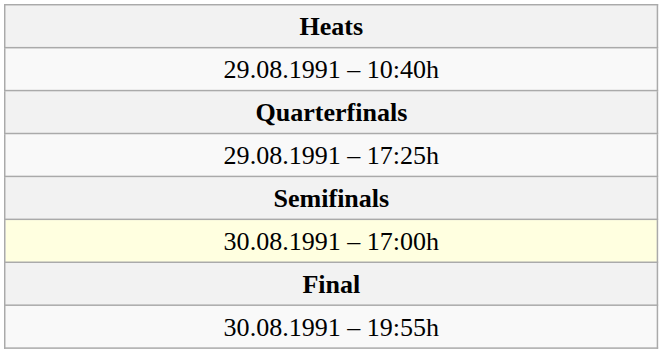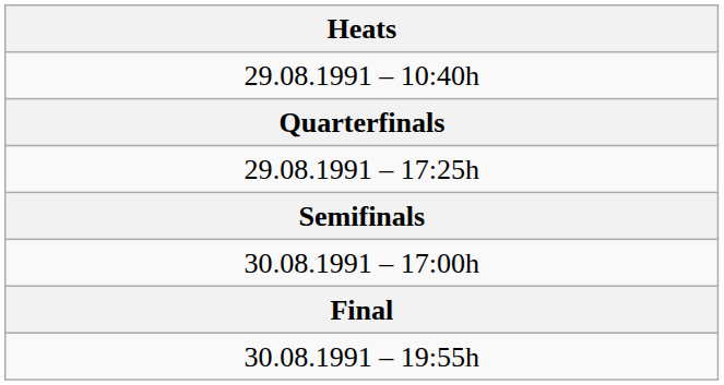 <table class="wikitable" style=" text-align:center; font-size:110%;" width="35%">
 <tr>
 <th>Heats</th>
 </tr>
 <tr>
 <td>29.08.1991 – 10:40h</td>
 </tr>
 <tr>
 <th>Quarterfinals</th>
 </tr>
 <tr>
 <td>29.08.1991 – 17:25h</td>
 </tr>
 <tr>
 <th>Semifinals</th>
 </tr>
 <tr>
-<td style="background: lightyellow;">30.08.1991 – 17:00h</td>
+<td>30.08.1991 – 17:00h</td>
 </tr>
 <tr>
 <th>Final</th>
 </tr>
 <tr>
 <td>30.08.1991 – 19:55h</td>
 </tr>
 </table>
